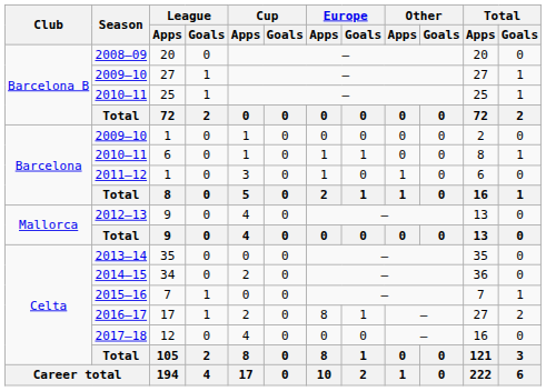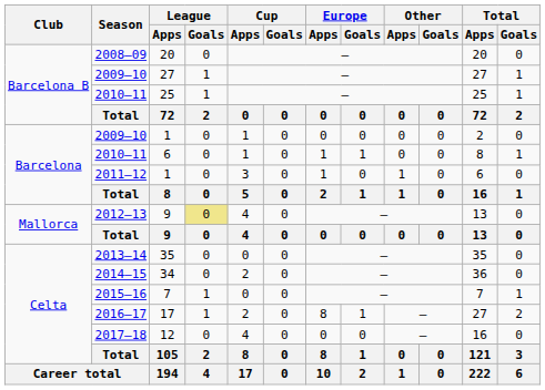 <table class="wikitable" style="text-align: center">
 <tr>
 <th rowspan=2>Club</th>
 <th rowspan=2>Season</th>
 <th colspan=2>League</th>
 <th colspan=2>Cup</th>
 <th colspan=2><a href='#'>Europe</a></th>
 <th colspan=2>Other</th>
 <th colspan=2>Total</th>
 </tr>
 <tr>
 <th>Apps</th>
 <th>Goals</th>
 <th>Apps</th>
 <th>Goals</th>
 <th>Apps</th>
 <th>Goals</th>
 <th>Apps</th>
 <th>Goals</th>
 <th>Apps</th>
 <th>Goals</th>
 </tr>
 <tr>
 <td rowspan=4><a href='#'>Barcelona B</a></td>
 <td><a href='#'>2008–09</a></td>
 <td>20</td>
 <td>0</td>
 <td colspan=6>—</td>
 <td>20</td>
 <td>0</td>
 </tr>
 <tr>
 <td><a href='#'>2009–10</a></td>
 <td>27</td>
 <td>1</td>
 <td colspan=6>—</td>
 <td>27</td>
 <td>1</td>
 </tr>
 <tr>
 <td><a href='#'>2010–11</a></td>
 <td>25</td>
 <td>1</td>
 <td colspan=6>—</td>
 <td>25</td>
 <td>1</td>
 </tr>
 <tr>
 <th>Total</th>
 <th>72</th>
 <th>2</th>
 <th>0</th>
 <th>0</th>
 <th>0</th>
 <th>0</th>
 <th>0</th>
 <th>0</th>
 <th>72</th>
 <th>2</th>
 </tr>
 <tr>
 <td rowspan=4><a href='#'>Barcelona</a></td>
 <td><a href='#'>2009–10</a></td>
 <td>1</td>
 <td>0</td>
 <td>1</td>
 <td>0</td>
 <td>0</td>
 <td>0</td>
 <td>0</td>
 <td>0</td>
 <td>2</td>
 <td>0</td>
 </tr>
 <tr>
 <td><a href='#'>2010–11</a></td>
 <td>6</td>
 <td>0</td>
 <td>1</td>
 <td>0</td>
 <td>1</td>
 <td>1</td>
 <td>0</td>
 <td>0</td>
 <td>8</td>
 <td>1</td>
 </tr>
 <tr>
 <td><a href='#'>2011–12</a></td>
 <td>1</td>
 <td>0</td>
 <td>3</td>
 <td>0</td>
 <td>1</td>
 <td>0</td>
 <td>1</td>
 <td>0</td>
 <td>6</td>
 <td>0</td>
 </tr>
 <tr>
 <th>Total</th>
 <th>8</th>
 <th>0</th>
 <th>5</th>
 <th>0</th>
 <th>2</th>
 <th>1</th>
 <th>1</th>
 <th>0</th>
 <th>16</th>
 <th>1</th>
 </tr>
 <tr>
 <td rowspan=2><a href='#'>Mallorca</a></td>
 <td><a href='#'>2012–13</a></td>
 <td>9</td>
-<td>0</td>
+<td style="background: khaki;">0</td>
 <td>4</td>
 <td>0</td>
 <td colspan=4>—</td>
 <td>13</td>
 <td>0</td>
 </tr>
 <tr>
 <th>Total</th>
 <th>9</th>
 <th>0</th>
 <th>4</th>
 <th>0</th>
 <th>0</th>
 <th>0</th>
 <th>0</th>
 <th>0</th>
 <th>13</th>
 <th>0</th>
 </tr>
 <tr>
 <td rowspan=6><a href='#'>Celta</a></td>
 <td><a href='#'>2013–14</a></td>
 <td>35</td>
 <td>0</td>
 <td>0</td>
 <td>0</td>
 <td colspan=4>—</td>
 <td>35</td>
 <td>0</td>
 </tr>
 <tr>
 <td><a href='#'>2014–15</a></td>
 <td>34</td>
 <td>0</td>
 <td>2</td>
 <td>0</td>
 <td colspan=4>—</td>
 <td>36</td>
 <td>0</td>
 </tr>
 <tr>
 <td><a href='#'>2015–16</a></td>
 <td>7</td>
 <td>1</td>
 <td>0</td>
 <td>0</td>
 <td colspan=4>—</td>
 <td>7</td>
 <td>1</td>
 </tr>
 <tr>
 <td><a href='#'>2016–17</a></td>
 <td>17</td>
 <td>1</td>
 <td>2</td>
 <td>0</td>
 <td>8</td>
 <td>1</td>
 <td colspan=2>—</td>
 <td>27</td>
 <td>2</td>
 </tr>
 <tr>
 <td><a href='#'>2017–18</a></td>
 <td>12</td>
 <td>0</td>
 <td>4</td>
 <td>0</td>
 <td>0</td>
 <td>0</td>
 <td colspan=2>—</td>
 <td>16</td>
 <td>0</td>
 </tr>
 <tr>
 <th>Total</th>
 <th>105</th>
 <th>2</th>
 <th>8</th>
 <th>0</th>
 <th>8</th>
 <th>1</th>
 <th>0</th>
 <th>0</th>
 <th>121</th>
 <th>3</th>
 </tr>
 <tr>
 <th colspan=2>Career total</th>
 <th>194</th>
 <th>4</th>
 <th>17</th>
 <th>0</th>
 <th>10</th>
 <th>2</th>
 <th>1</th>
 <th>0</th>
 <th>222</th>
 <th>6</th>
 </tr>
 </table>
